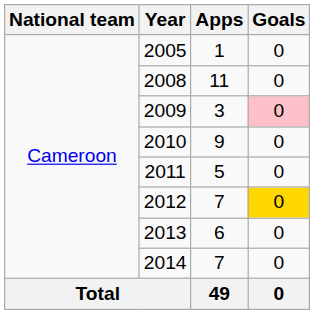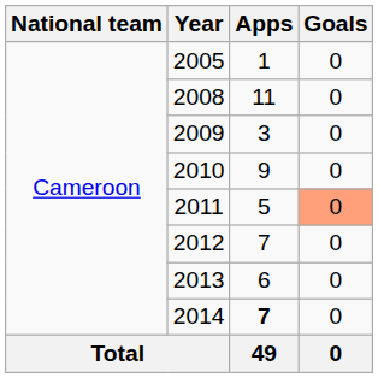 <table class="wikitable" style="text-align:center">
 <tr>
 <th>National team</th>
 <th>Year</th>
 <th>Apps</th>
 <th>Goals</th>
 </tr>
 <tr>
 <td rowspan="8"><a href='#'>Cameroon</a></td>
 <td>2005</td>
 <td>1</td>
 <td>0</td>
 </tr>
 <tr>
 <td>2008</td>
 <td>11</td>
 <td>0</td>
 </tr>
 <tr>
 <td>2009</td>
 <td>3</td>
-<td style="background: pink;">0</td>
+<td>0</td>
 </tr>
 <tr>
 <td>2010</td>
 <td>9</td>
 <td>0</td>
 </tr>
 <tr>
 <td>2011</td>
 <td>5</td>
-<td>0</td>
+<td style="background: lightsalmon;">0</td>
 </tr>
 <tr>
 <td>2012</td>
 <td>7</td>
-<td style="background: gold;">0</td>
+<td>0</td>
 </tr>
 <tr>
 <td>2013</td>
 <td>6</td>
 <td>0</td>
 </tr>
 <tr>
 <td>2014</td>
-<td>7</td>
+<td><strong>7</strong></td>
 <td>0</td>
 </tr>
 <tr>
 <th colspan="2">Total</th>
 <th>49</th>
 <th>0</th>
 </tr>
 </table>
